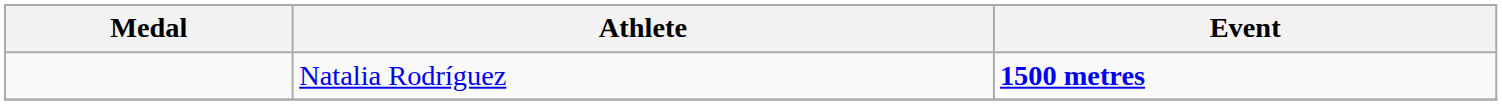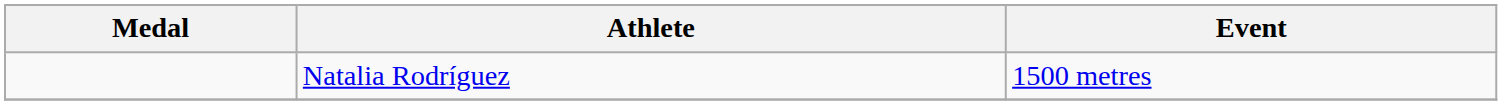 <table class="wikitable" style="font-size:90%" width=60%>
 <tr>
 <th>Medal</th>
 <th>Athlete</th>
 <th>Event</th>
 </tr>
 <tr>
 <td></td>
 <td><a href='#'>Natalia Rodríguez</a></td>
-<td><strong><a href='#'>1500 metres</a></strong></td>
+<td><a href='#'>1500 metres</a></td>
 </tr>
 <tr>
 </tr>
 </table>
